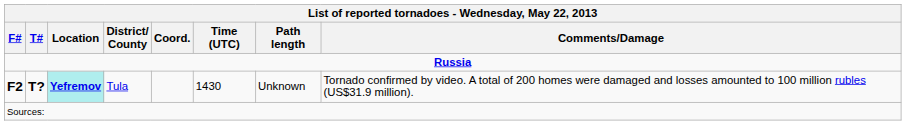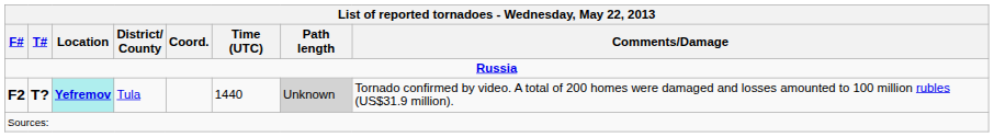 <table class="wikitable collapsible" width="100%">
 <tr>
 <th colspan="8">List of reported tornadoes - Wednesday, May 22, 2013</th>
 </tr>
 <tr>
 <th><a href='#'>F#</a></th>
 <th><a href='#'>T#</a></th>
 <th>Location</th>
 <th>District/<br>County</th>
 <th>Coord.</th>
 <th>Time (UTC)</th>
 <th>Path length</th>
 <th>Comments/Damage</th>
 </tr>
 <tr>
 <td colspan="8" align=center><strong><a href='#'>Russia</a></strong></td>
 </tr>
 <tr>
 <td><big><strong>F2</strong></big></td>
 <td><big><strong>T?</strong></big></td>
 <td style="background: paleturquoise;"><strong><a href='#'>Yefremov</a></strong></td>
 <td><a href='#'>Tula</a></td>
 <td></td>
-<td>1430</td>
-<td>Unknown</td>
+<td>1440</td>
+<td style="background: lightgrey;">Unknown</td>
 <td>Tornado confirmed by video. A total of 200 homes were damaged and losses amounted to 100 million <a href='#'>rubles</a> (US$31.9 million).</td>
 </tr>
 <tr>
 <td colspan="8"><small>Sources:  </small></td>
 </tr>
 </table>
